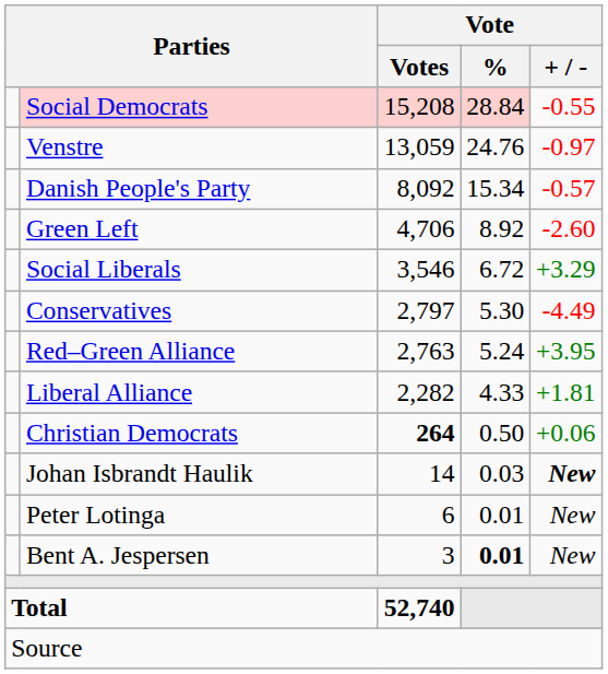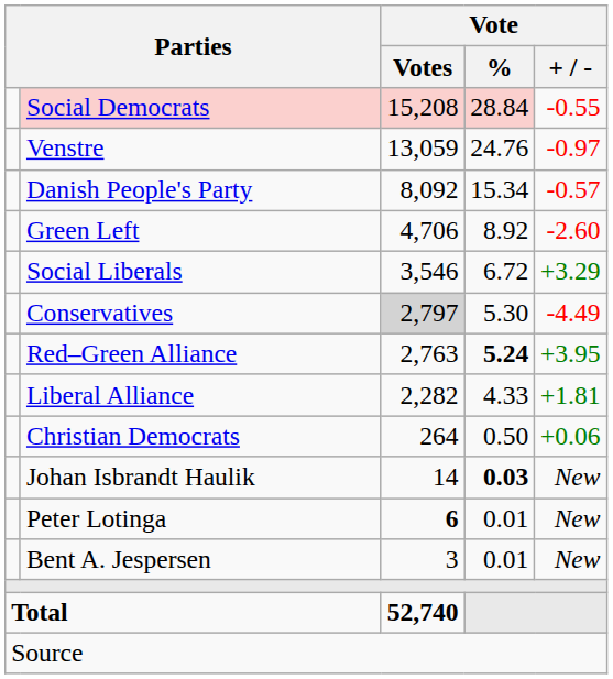 <table class="wikitable" style="text-align:right;">
 <tr>
 <th style="text-align:centre;" rowspan="2" colspan="2" width="225">Parties</th>
 <th colspan="3">Vote</th>
 </tr>
 <tr>
 <th width="15">Votes</th>
 <th width="15">%</th>
 <th width="15">+ / -</th>
 </tr>
 <tr>
 <td width="2" style="color:inherit;background:"></td>
 <td bgcolor=#fbd0ce  align="left"><a href='#'>Social Democrats</a></td>
 <td bgcolor=#fbd0ce>15,208</td>
 <td bgcolor=#fbd0ce>28.84</td>
 <td style=color:red;>-0.55</td>
 </tr>
 <tr>
 <td width="2" style="color:inherit;background:"></td>
 <td align="left"><a href='#'>Venstre</a></td>
 <td>13,059</td>
 <td>24.76</td>
 <td style=color:red;>-0.97</td>
 </tr>
 <tr>
 <td width="2" style="color:inherit;background:"></td>
 <td align="left"><a href='#'>Danish People's Party</a></td>
 <td>8,092</td>
 <td>15.34</td>
 <td style=color:red;>-0.57</td>
 </tr>
 <tr>
 <td width="2" style="color:inherit;background:"></td>
 <td align="left"><a href='#'>Green Left</a></td>
 <td>4,706</td>
 <td>8.92</td>
 <td style=color:red;>-2.60</td>
 </tr>
 <tr>
 <td width="2" style="color:inherit;background:"></td>
 <td align="left"><a href='#'>Social Liberals</a></td>
 <td>3,546</td>
 <td>6.72</td>
 <td style=color:green;>+3.29</td>
 </tr>
 <tr>
 <td width="2" style="color:inherit;background:"></td>
 <td align="left"><a href='#'>Conservatives</a></td>
-<td>2,797</td>
+<td style="background: lightgrey;">2,797</td>
 <td>5.30</td>
 <td style=color:red;>-4.49</td>
 </tr>
 <tr>
 <td width="2" style="color:inherit;background:"></td>
 <td align="left"><a href='#'>Red–Green Alliance</a></td>
 <td>2,763</td>
-<td>5.24</td>
+<td><strong>5.24</strong></td>
 <td style=color:green;>+3.95</td>
 </tr>
 <tr>
 <td width="2" style="color:inherit;background:"></td>
 <td align="left"><a href='#'>Liberal Alliance</a></td>
 <td>2,282</td>
 <td>4.33</td>
 <td style=color:green;>+1.81</td>
 </tr>
 <tr>
 <td width="2" style="color:inherit;background:"></td>
 <td align="left"><a href='#'>Christian Democrats</a></td>
-<td><strong>264</strong></td>
+<td>264</td>
 <td>0.50</td>
 <td style=color:green;>+0.06</td>
 </tr>
 <tr>
 <td width="2" style="color:inherit;background:"></td>
 <td align="left">Johan Isbrandt Haulik</td>
 <td>14</td>
-<td>0.03</td>
-<td><strong><em>New</em></strong></td>
+<td><strong>0.03</strong></td>
+<td><em>New</em></td>
 </tr>
 <tr>
 <td width="2" style="color:inherit;background:"></td>
 <td align="left">Peter Lotinga</td>
-<td>6</td>
+<td><strong>6</strong></td>
 <td>0.01</td>
 <td><em>New</em></td>
 </tr>
 <tr>
 <td width="2" style="color:inherit;background:"></td>
 <td align="left">Bent A. Jespersen</td>
 <td>3</td>
-<td><strong>0.01</strong></td>
+<td>0.01</td>
 <td><em>New</em></td>
 </tr>
 <tr>
 <td colspan="7" bgcolor="#E9E9E9"></td>
 </tr>
 <tr>
 <td align="left" colspan="2"><strong>Total</strong></td>
 <td><strong>52,740</strong></td>
 <td bgcolor="#E9E9E9" colspan="2"></td>
 </tr>
 <tr>
 <td align="left" colspan="6">Source</td>
 </tr>
 </table>
